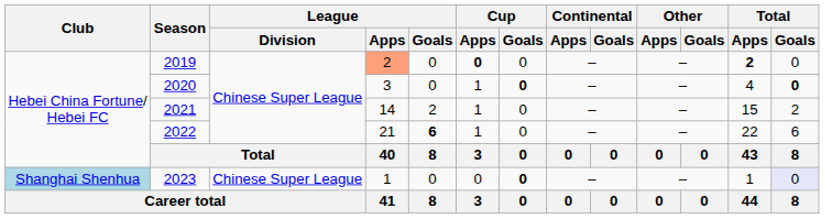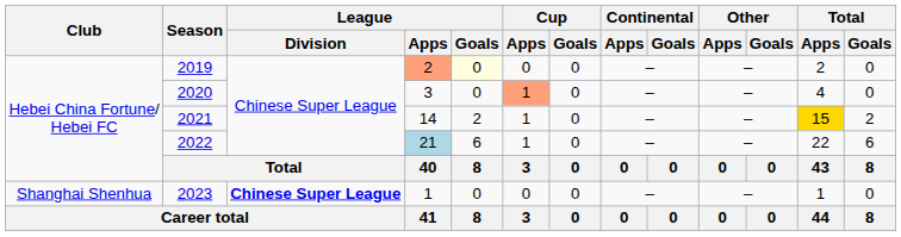 <table class="wikitable" style="text-align: center">
 <tr>
 <th rowspan="2">Club</th>
 <th rowspan="2">Season</th>
 <th colspan="3">League</th>
 <th colspan="2">Cup</th>
 <th colspan="2">Continental</th>
 <th colspan="2">Other</th>
 <th colspan="2">Total</th>
 </tr>
 <tr>
 <th>Division</th>
 <th>Apps</th>
 <th>Goals</th>
 <th>Apps</th>
 <th>Goals</th>
 <th>Apps</th>
 <th>Goals</th>
 <th>Apps</th>
 <th>Goals</th>
 <th>Apps</th>
 <th>Goals</th>
 </tr>
 <tr>
 <td rowspan=5><a href='#'>Hebei China Fortune</a>/<br><a href='#'>Hebei FC</a></td>
 <td><a href='#'>2019</a></td>
 <td rowspan=4><a href='#'>Chinese Super League</a></td>
 <td style="background: lightsalmon;">2</td>
+<td style="background: lightyellow;">0</td>
 <td>0</td>
-<td><strong>0</strong></td>
 <td>0</td>
 <td colspan="2">–</td>
 <td colspan="2">–</td>
-<td><strong>2</strong></td>
+<td>2</td>
 <td>0</td>
 </tr>
 <tr>
 <td><a href='#'>2020</a></td>
 <td>3</td>
 <td>0</td>
-<td>1</td>
-<td><strong>0</strong></td>
+<td style="background: lightsalmon;">1</td>
+<td>0</td>
 <td colspan="2">–</td>
 <td colspan="2">–</td>
 <td>4</td>
-<td><strong>0</strong></td>
+<td>0</td>
 </tr>
 <tr>
 <td><a href='#'>2021</a></td>
 <td>14</td>
 <td>2</td>
 <td>1</td>
 <td>0</td>
 <td colspan="2">–</td>
 <td colspan="2">–</td>
-<td>15</td>
+<td style="background: gold;">15</td>
 <td>2</td>
 </tr>
 <tr>
 <td><a href='#'>2022</a></td>
-<td>21</td>
-<td><strong>6</strong></td>
+<td style="background: lightblue;">21</td>
+<td>6</td>
 <td>1</td>
 <td>0</td>
 <td colspan="2">–</td>
 <td colspan="2">–</td>
 <td>22</td>
 <td>6</td>
 </tr>
 <tr>
 <th colspan=2>Total</th>
 <th>40</th>
 <th>8</th>
 <th>3</th>
 <th>0</th>
 <th>0</th>
 <th>0</th>
 <th>0</th>
 <th>0</th>
 <th>43</th>
 <th>8</th>
 </tr>
 <tr>
-<td style="background: lightblue;"><a href='#'>Shanghai Shenhua</a></td>
+<td><a href='#'>Shanghai Shenhua</a></td>
 <td><a href='#'>2023</a></td>
-<td><a href='#'>Chinese Super League</a></td>
+<td><strong><a href='#'>Chinese Super League</a></strong></td>
 <td>1</td>
 <td>0</td>
 <td>0</td>
-<td><strong>0</strong></td>
+<td>0</td>
 <td colspan="2">–</td>
 <td colspan="2">–</td>
 <td>1</td>
-<td style="background: lavender;">0</td>
+<td>0</td>
 </tr>
 <tr>
 <th colspan=3>Career total</th>
 <th>41</th>
 <th>8</th>
 <th>3</th>
 <th>0</th>
 <th>0</th>
 <th>0</th>
 <th>0</th>
 <th>0</th>
 <th>44</th>
 <th>8</th>
 </tr>
 </table>
